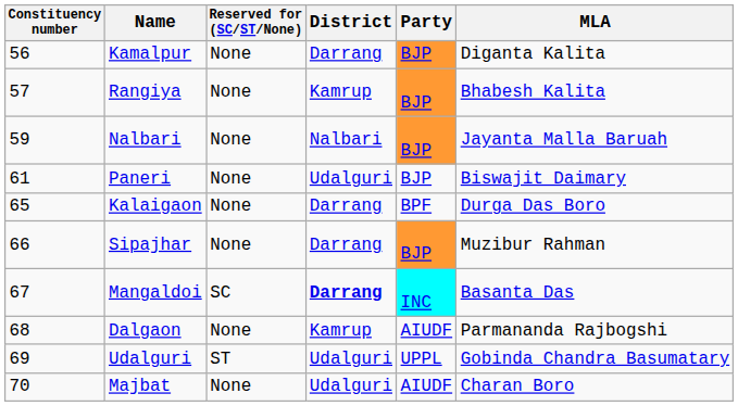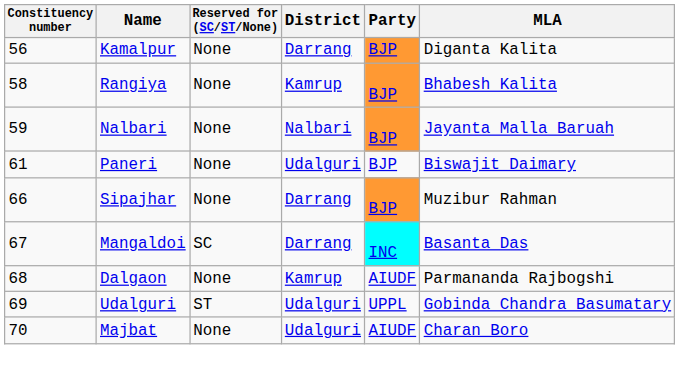 <table class="wikitable sortable">
 <tr>
 <th style="font-size:75%">Constituency<br>number</th>
 <th>Name</th>
 <th style="font-size:75%">Reserved for<br>(<a href='#'>SC</a>/<a href='#'>ST</a>/None)</th>
 <th>District</th>
 <th>Party</th>
 <th>MLA</th>
 </tr>
 <tr>
 <td>56</td>
 <td><a href='#'>Kamalpur</a></td>
 <td>None</td>
 <td><a href='#'>Darrang</a></td>
 <td bgcolor=#FF9933><a href='#'>BJP</a></td>
 <td>Diganta Kalita</td>
 </tr>
 <tr>
-<td>57</td>
+<td>58</td>
 <td><a href='#'>Rangiya</a></td>
 <td>None</td>
 <td><a href='#'>Kamrup</a></td>
 <td bgcolor=#FF9933><br><a href='#'>BJP</a></td>
 <td><a href='#'>Bhabesh Kalita</a></td>
 </tr>
 <tr>
 <td>59</td>
 <td><a href='#'>Nalbari</a></td>
 <td>None</td>
 <td><a href='#'>Nalbari</a></td>
 <td bgcolor=#FF9933><br><a href='#'>BJP</a></td>
 <td><a href='#'>Jayanta Malla Baruah</a></td>
 </tr>
 <tr>
 <td>61</td>
 <td><a href='#'>Paneri</a></td>
 <td>None</td>
 <td><a href='#'>Udalguri</a></td>
 <td><a href='#'>BJP</a></td>
 <td><a href='#'>Biswajit Daimary</a></td>
 </tr>
 <tr>
-<td>65</td>
-<td><a href='#'>Kalaigaon</a></td>
-<td>None</td>
-<td><a href='#'>Darrang</a></td>
-<td><a href='#'>BPF</a></td>
-<td><a href='#'>Durga Das Boro</a></td>
-</tr>
-<tr>
 <td>66</td>
 <td><a href='#'>Sipajhar</a></td>
 <td>None</td>
 <td><a href='#'>Darrang</a></td>
 <td bgcolor=#FF9933><br><a href='#'>BJP</a></td>
 <td>Muzibur Rahman</td>
 </tr>
 <tr>
 <td>67</td>
 <td><a href='#'>Mangaldoi</a></td>
 <td>SC</td>
-<td><strong><a href='#'>Darrang</a></strong></td>
+<td><a href='#'>Darrang</a></td>
 <td bgcolor=#00FFFF><br><a href='#'>INC</a></td>
 <td><a href='#'>Basanta Das</a></td>
 </tr>
 <tr>
 <td>68</td>
 <td><a href='#'>Dalgaon</a></td>
 <td>None</td>
 <td><a href='#'>Kamrup</a></td>
 <td><a href='#'>AIUDF</a></td>
 <td>Parmananda Rajbogshi</td>
 </tr>
 <tr>
 <td>69</td>
 <td><a href='#'>Udalguri</a></td>
 <td>ST</td>
 <td><a href='#'>Udalguri</a></td>
 <td><a href='#'>UPPL</a></td>
 <td><a href='#'>Gobinda Chandra Basumatary</a></td>
 </tr>
 <tr>
 <td>70</td>
 <td><a href='#'>Majbat</a></td>
 <td>None</td>
 <td><a href='#'>Udalguri</a></td>
 <td><a href='#'>AIUDF</a></td>
 <td><a href='#'>Charan Boro</a></td>
 </tr>
 </table>
